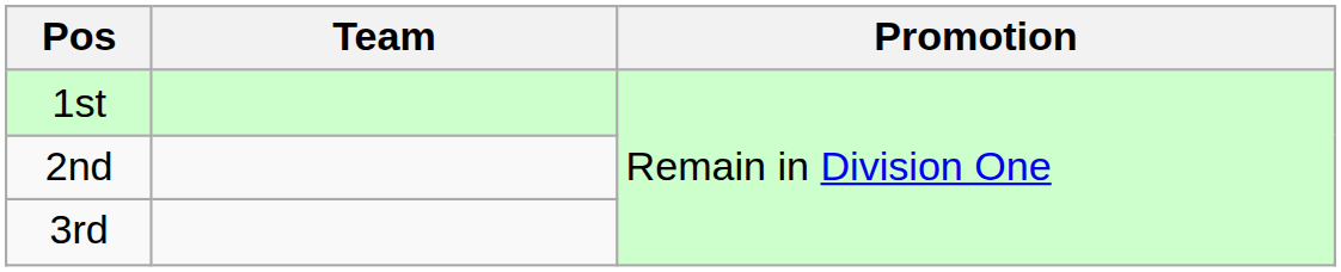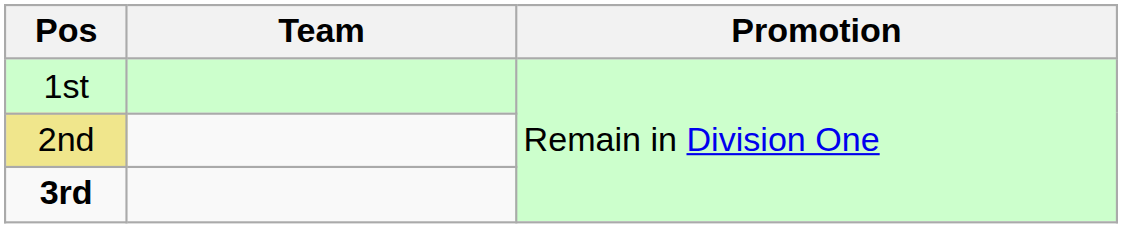 <table class="wikitable">
 <tr>
 <th width=50>Pos</th>
 <th width=175>Team</th>
 <th width=275>Promotion</th>
 </tr>
 <tr style="background:#ccffcc">
 <td align="center">1st</td>
 <td></td>
 <td rowspan=3>Remain in <a href='#'>Division One</a></td>
 </tr>
 <tr>
-<td align="center">2nd</td>
+<td align="center" style="background: khaki;">2nd</td>
 <td></td>
 </tr>
 <tr>
-<td align="center">3rd</td>
+<td align="center"><strong>3rd</strong></td>
 <td></td>
 </tr>
 </table>
